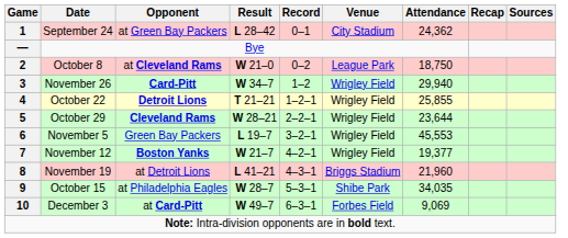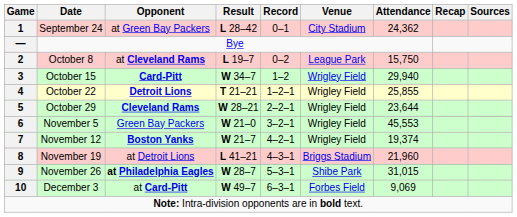 <table class="wikitable" style="text-align:center">
 <tr>
 <th>Game</th>
 <th>Date</th>
 <th>Opponent</th>
 <th>Result</th>
 <th>Record</th>
 <th>Venue</th>
 <th>Attendance</th>
 <th>Recap</th>
 <th>Sources</th>
 </tr>
 <tr style="background:#fcc">
 <th>1</th>
 <td>September 24</td>
 <td>at <a href='#'>Green Bay Packers</a></td>
 <td><strong>L</strong>  28–42</td>
 <td>0–1</td>
 <td><a href='#'>City Stadium</a></td>
 <td>24,362</td>
 <td></td>
 <td></td>
 </tr>
 <tr>
 <th>—</th>
 <td colspan="6"><a href='#'>Bye</a></td>
 </tr>
 <tr style="background:#fcc">
 <th>2</th>
 <td>October 8</td>
 <td>at <strong><a href='#'>Cleveland Rams</a></strong></td>
-<td><strong>W</strong> 21–0</td>
+<td><strong>L</strong> 19–7</td>
 <td>0–2</td>
 <td><a href='#'>League Park</a></td>
-<td>18,750</td>
+<td>15,750</td>
 <td></td>
 <td></td>
 </tr>
 <tr style="background:#cfc">
 <th>3</th>
-<td>November 26</td>
+<td>October 15</td>
 <td><strong><a href='#'>Card-Pitt</a></strong></td>
 <td><strong>W</strong> 34–7</td>
 <td>1–2</td>
 <td><a href='#'>Wrigley Field</a></td>
 <td>29,940</td>
 <td></td>
 <td></td>
 </tr>
 <tr style="background:#ffc">
 <th>4</th>
 <td>October 22</td>
 <td><strong><a href='#'>Detroit Lions</a></strong></td>
 <td><strong>T</strong> 21–21</td>
 <td>1–2–1</td>
 <td>Wrigley Field</td>
 <td>25,855</td>
 <td></td>
 <td></td>
 </tr>
 <tr style="background:#cfc">
 <th>5</th>
 <td>October 29</td>
 <td><strong><a href='#'>Cleveland Rams</a></strong></td>
 <td><strong>W</strong> 28–21</td>
 <td>2–2–1</td>
 <td>Wrigley Field</td>
 <td>23,644</td>
 <td></td>
 <td></td>
 </tr>
 <tr style="background:#cfc">
 <th>6</th>
 <td>November 5</td>
 <td><a href='#'>Green Bay Packers</a></td>
-<td><strong>L</strong> 19–7</td>
+<td><strong>W</strong> 21–0</td>
 <td>3–2–1</td>
 <td>Wrigley Field</td>
 <td>45,553</td>
 <td></td>
 <td></td>
 </tr>
 <tr style="background:#cfc">
 <th>7</th>
 <td>November 12</td>
 <td><strong><a href='#'>Boston Yanks</a></strong></td>
 <td><strong>W</strong> 21–7</td>
 <td>4–2–1</td>
 <td>Wrigley Field</td>
-<td>19,377</td>
+<td>19,374</td>
 <td></td>
 <td></td>
 </tr>
 <tr style="background:#fcc">
 <th>8</th>
 <td>November 19</td>
 <td>at <a href='#'>Detroit Lions</a></td>
 <td><strong>L</strong> 41–21</td>
 <td>4–3–1</td>
 <td><a href='#'>Briggs Stadium</a></td>
 <td>21,960</td>
 <td></td>
 <td></td>
 </tr>
 <tr style="background:#cfc">
 <th>9</th>
-<td>October 15</td>
-<td>at <a href='#'>Philadelphia Eagles</a></td>
+<td>November 26</td>
+<td><strong>at <a href='#'>Philadelphia Eagles</a></strong></td>
 <td><strong>W</strong> 28–7</td>
 <td>5–3–1</td>
 <td><a href='#'>Shibe Park</a></td>
-<td>34,035</td>
+<td>31,015</td>
 <td></td>
 <td></td>
 </tr>
 <tr style="background:#cfc">
 <th>10</th>
 <td>December 3</td>
 <td>at <strong><a href='#'>Card-Pitt</a></strong></td>
 <td><strong>W</strong> 49–7</td>
 <td>6–3–1</td>
 <td><a href='#'>Forbes Field</a></td>
 <td>9,069</td>
 <td></td>
 <td></td>
 </tr>
 <tr>
 <td colspan="10"><strong>Note:</strong> Intra-division opponents are in <strong>bold</strong> text.</td>
 </tr>
 </table>
